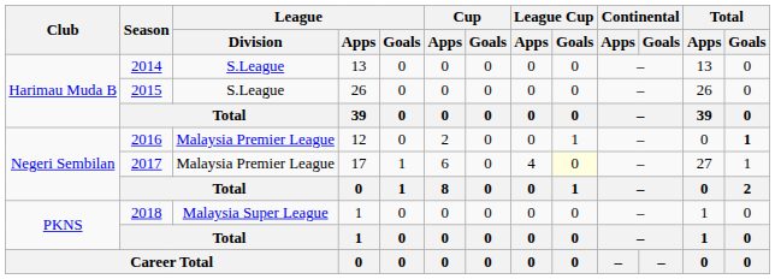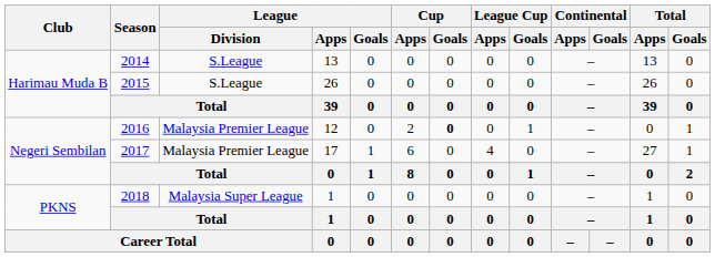 <table class=wikitable style="text-align:center">
 <tr>
 <th rowspan=2>Club</th>
 <th rowspan=2>Season</th>
 <th colspan=3>League</th>
 <th colspan=2>Cup</th>
 <th colspan=2>League Cup</th>
 <th colspan=2>Continental</th>
 <th colspan=2>Total</th>
 </tr>
 <tr>
 <th>Division</th>
 <th>Apps</th>
 <th>Goals</th>
 <th>Apps</th>
 <th>Goals</th>
 <th>Apps</th>
 <th>Goals</th>
 <th>Apps</th>
 <th>Goals</th>
 <th>Apps</th>
 <th>Goals</th>
 </tr>
 <tr>
 <td rowspan=3><a href='#'>Harimau Muda B</a></td>
 <td><a href='#'>2014</a></td>
 <td><a href='#'>S.League</a></td>
 <td>13</td>
 <td>0</td>
 <td>0</td>
 <td>0</td>
 <td>0</td>
 <td>0</td>
 <td colspan=2>–</td>
 <td>13</td>
 <td>0</td>
 </tr>
 <tr>
 <td><a href='#'>2015</a></td>
 <td>S.League</td>
 <td>26</td>
 <td>0</td>
 <td>0</td>
 <td>0</td>
 <td>0</td>
 <td>0</td>
 <td colspan=2>–</td>
 <td>26</td>
 <td>0</td>
 </tr>
 <tr>
 <th colspan="2">Total</th>
 <th>39</th>
 <th>0</th>
 <th>0</th>
 <th>0</th>
 <th>0</th>
 <th>0</th>
 <th colspan=2>–</th>
 <th>39</th>
 <th>0</th>
 </tr>
 <tr>
 <td rowspan=3><a href='#'>Negeri Sembilan</a></td>
 <td><a href='#'>2016</a></td>
 <td><a href='#'>Malaysia Premier League</a></td>
 <td>12</td>
 <td>0</td>
 <td>2</td>
-<td>0</td>
+<td><strong>0</strong></td>
 <td>0</td>
 <td>1</td>
 <td colspan=2>–</td>
 <td>0</td>
-<td><strong>1</strong></td>
+<td>1</td>
 </tr>
 <tr>
 <td><a href='#'>2017</a></td>
 <td>Malaysia Premier League</td>
 <td>17</td>
 <td>1</td>
 <td>6</td>
 <td>0</td>
 <td>4</td>
-<td style="background: lightyellow;">0</td>
+<td>0</td>
 <td colspan=2>–</td>
 <td>27</td>
 <td>1</td>
 </tr>
 <tr>
 <th colspan="2">Total</th>
 <th>0</th>
 <th>1</th>
 <th>8</th>
 <th>0</th>
 <th>0</th>
 <th>1</th>
 <th colspan=2>–</th>
 <th>0</th>
 <th>2</th>
 </tr>
 <tr>
 <td rowspan=2><a href='#'>PKNS</a></td>
 <td><a href='#'>2018</a></td>
 <td><a href='#'>Malaysia Super League</a></td>
 <td>1</td>
 <td>0</td>
 <td>0</td>
 <td>0</td>
 <td>0</td>
 <td>0</td>
 <td colspan=2>–</td>
 <td>1</td>
 <td>0</td>
 </tr>
 <tr>
 <th colspan="2">Total</th>
 <th>1</th>
 <th>0</th>
 <th>0</th>
 <th>0</th>
 <th>0</th>
 <th>0</th>
 <th colspan=2>–</th>
 <th>1</th>
 <th>0</th>
 </tr>
 <tr>
 <th colspan="3">Career Total</th>
 <th>0</th>
 <th>0</th>
 <th>0</th>
 <th>0</th>
 <th>0</th>
 <th>0</th>
 <th>–</th>
 <th>–</th>
 <th>0</th>
 <th>0</th>
 </tr>
 </table>
